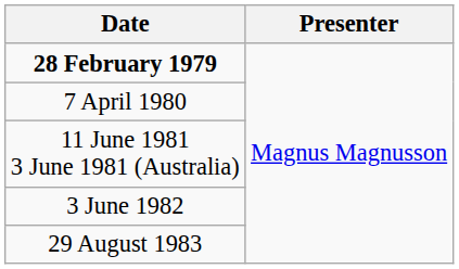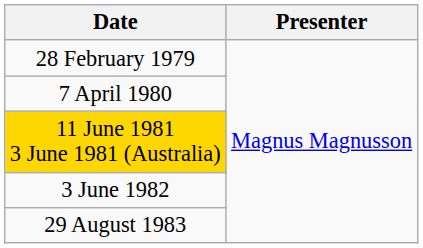 <table class="wikitable" style="text-align:center;">
 <tr>
 <th>Date</th>
 <th>Presenter</th>
 </tr>
 <tr>
-<td><strong>28 February 1979</strong></td>
+<td>28 February 1979</td>
 <td rowspan=5><a href='#'>Magnus Magnusson</a></td>
 </tr>
 <tr>
 <td>7 April 1980</td>
 </tr>
 <tr>
-<td>11 June 1981<br>3 June 1981 (Australia)</td>
+<td style="background: gold;">11 June 1981<br>3 June 1981 (Australia)</td>
 </tr>
 <tr>
 <td>3 June 1982</td>
 </tr>
 <tr>
 <td>29 August 1983</td>
 </tr>
 </table>
